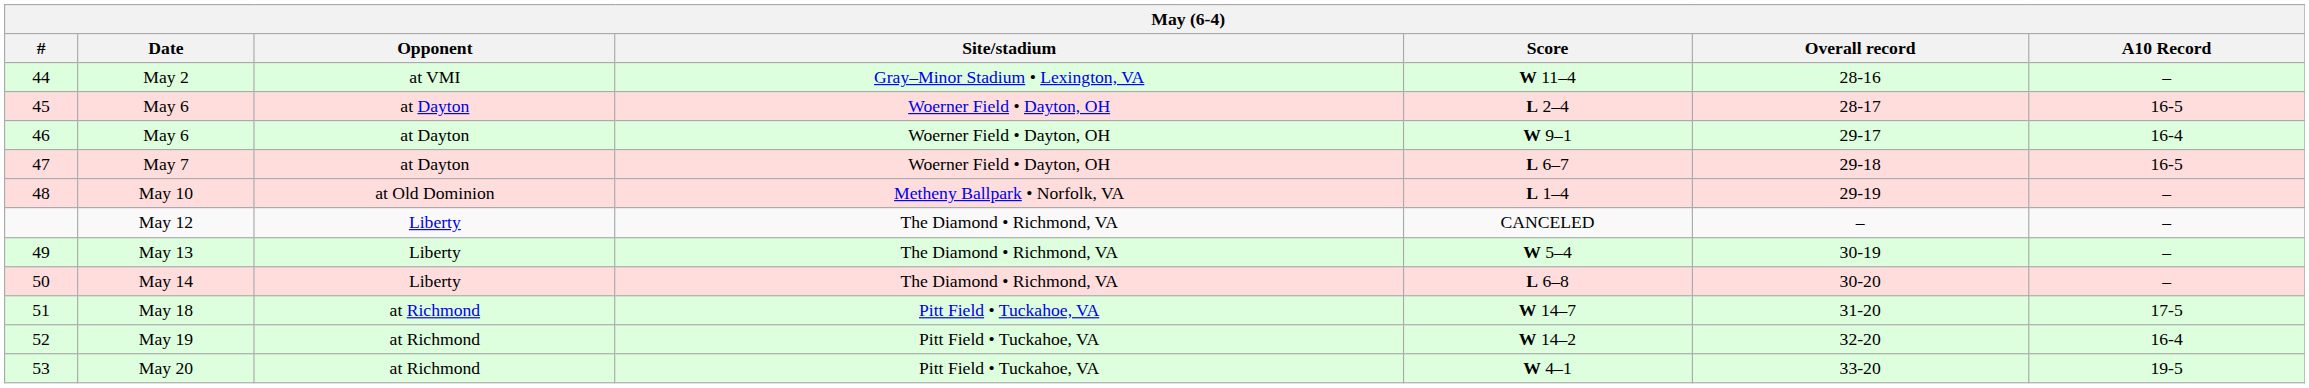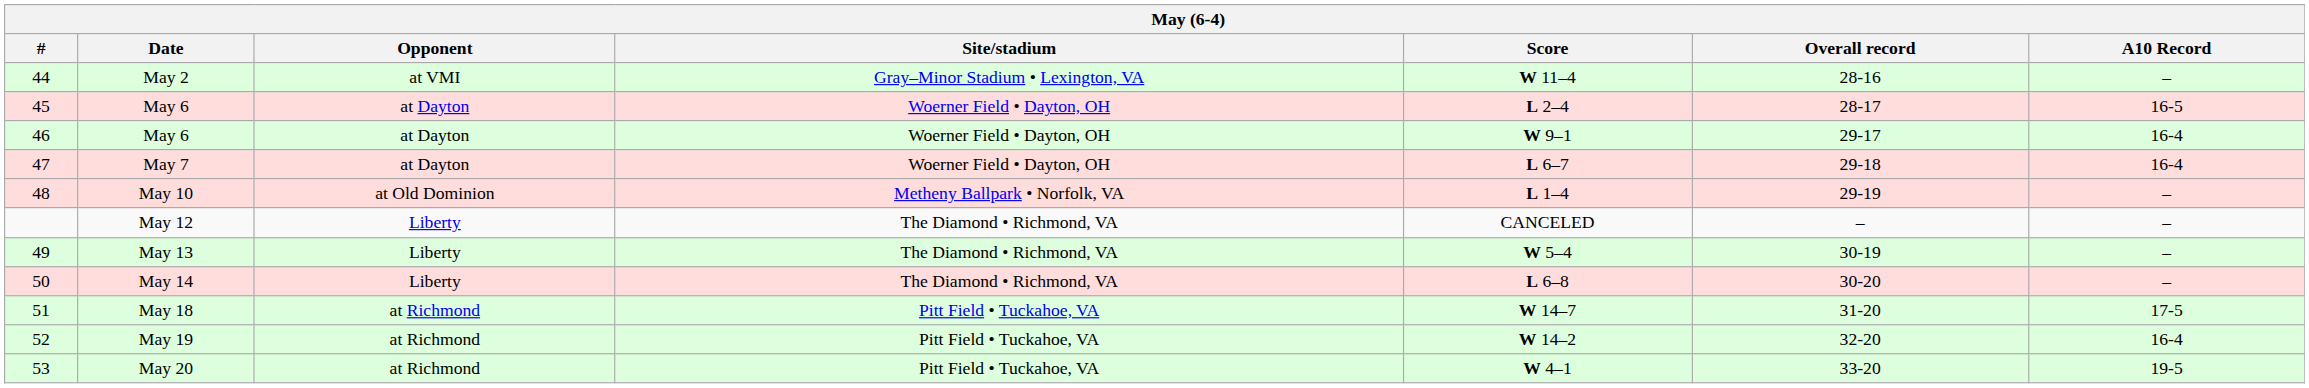 <table class="wikitable collapsible collapsed" style="margin:auto; width:100%; text-align:center; font-size:95%">
 <tr>
 <th colspan=12 style="padding-left:4em;">May (6-4)</th>
 </tr>
 <tr>
 <th>#</th>
 <th>Date</th>
 <th>Opponent</th>
 <th>Site/stadium</th>
 <th>Score</th>
 <th>Overall record</th>
 <th>A10 Record</th>
 </tr>
 <tr bgcolor="#ddffdd">
 <td>44</td>
 <td>May 2</td>
 <td>at VMI</td>
 <td><a href='#'>Gray–Minor Stadium</a> • <a href='#'>Lexington, VA</a></td>
 <td><strong>W</strong> 11–4</td>
 <td>28-16</td>
 <td>– </td>
 </tr>
 <tr bgcolor="#ffdddd">
 <td>45</td>
 <td>May 6</td>
 <td>at <a href='#'>Dayton</a></td>
 <td><a href='#'>Woerner Field</a> • <a href='#'>Dayton, OH</a></td>
 <td><strong>L</strong> 2–4</td>
 <td>28-17</td>
 <td>16-5</td>
 </tr>
 <tr bgcolor="#ddffdd">
 <td>46</td>
 <td>May 6</td>
 <td>at Dayton</td>
 <td>Woerner Field • Dayton, OH</td>
 <td><strong>W</strong> 9–1</td>
 <td>29-17</td>
 <td>16-4</td>
 </tr>
 <tr bgcolor="#ffdddd">
 <td>47</td>
 <td>May 7</td>
 <td>at Dayton</td>
 <td>Woerner Field • Dayton, OH</td>
 <td><strong>L</strong> 6–7</td>
 <td>29-18</td>
-<td>16-5</td>
+<td>16-4</td>
 </tr>
 <tr bgcolor="#ffdddd">
 <td>48</td>
 <td>May 10</td>
 <td>at Old Dominion</td>
 <td><a href='#'>Metheny Ballpark</a> • Norfolk, VA</td>
 <td><strong>L</strong> 1–4</td>
 <td>29-19</td>
 <td>– </td>
 </tr>
 <tr>
 <td></td>
 <td>May 12</td>
 <td><a href='#'>Liberty</a></td>
 <td>The Diamond • Richmond, VA</td>
 <td>CANCELED</td>
 <td>– </td>
 <td>– </td>
 </tr>
 <tr bgcolor="#ddffdd">
 <td>49</td>
 <td>May 13</td>
 <td>Liberty</td>
 <td>The Diamond • Richmond, VA</td>
 <td><strong>W</strong> 5–4</td>
 <td>30-19</td>
 <td>– </td>
 </tr>
 <tr bgcolor="#ffdddd">
 <td>50</td>
 <td>May 14</td>
 <td>Liberty</td>
 <td>The Diamond • Richmond, VA</td>
 <td><strong>L</strong> 6–8</td>
 <td>30-20</td>
 <td>– </td>
 </tr>
 <tr bgcolor="#ddffdd">
 <td>51</td>
 <td>May 18</td>
 <td>at <a href='#'>Richmond</a><br></td>
 <td><a href='#'>Pitt Field</a> • <a href='#'>Tuckahoe, VA</a></td>
 <td><strong>W</strong> 14–7</td>
 <td>31-20</td>
 <td>17-5</td>
 </tr>
 <tr bgcolor="#ddffdd">
 <td>52</td>
 <td>May 19</td>
 <td>at Richmond<br></td>
 <td>Pitt Field • Tuckahoe, VA</td>
 <td><strong>W</strong> 14–2</td>
 <td>32-20</td>
 <td>16-4</td>
 </tr>
 <tr bgcolor="#ddffdd">
 <td>53</td>
 <td>May 20</td>
 <td>at Richmond<br></td>
 <td>Pitt Field • Tuckahoe, VA</td>
 <td><strong>W</strong> 4–1</td>
 <td>33-20</td>
 <td>19-5</td>
 </tr>
 </table>
